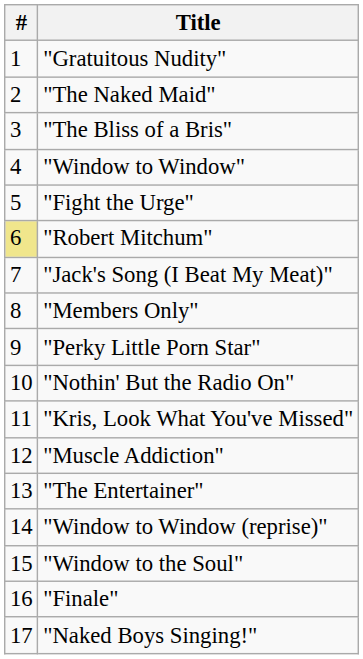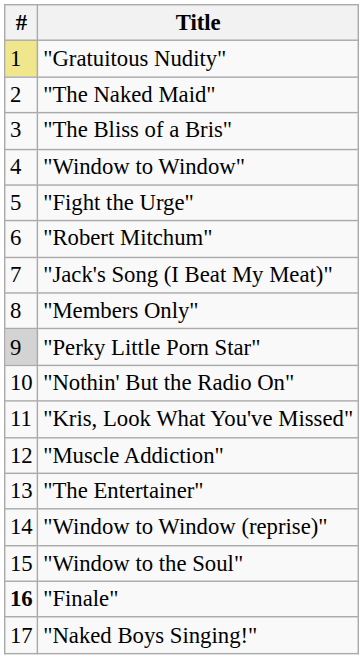 <table class="wikitable" Class="wikitable">
 <tr>
 <th>#</th>
 <th>Title</th>
 </tr>
 <tr>
-<td>1</td>
+<td style="background: khaki;">1</td>
 <td>"Gratuitous Nudity"</td>
 </tr>
 <tr>
 <td>2</td>
 <td>"The Naked Maid"</td>
 </tr>
 <tr>
 <td>3</td>
 <td>"The Bliss of a Bris"</td>
 </tr>
 <tr>
 <td>4</td>
 <td>"Window to Window"</td>
 </tr>
 <tr>
 <td>5</td>
 <td>"Fight the Urge"</td>
 </tr>
 <tr>
-<td style="background: khaki;">6</td>
+<td>6</td>
 <td>"Robert Mitchum"</td>
 </tr>
 <tr>
 <td>7</td>
 <td>"Jack's Song (I Beat My Meat)"</td>
 </tr>
 <tr>
 <td>8</td>
 <td>"Members Only"</td>
 </tr>
 <tr>
-<td>9</td>
+<td style="background: lightgrey;">9</td>
 <td>"Perky Little Porn Star"</td>
 </tr>
 <tr>
 <td>10</td>
 <td>"Nothin' But the Radio On"</td>
 </tr>
 <tr>
 <td>11</td>
 <td>"Kris, Look What You've Missed"</td>
 </tr>
 <tr>
 <td>12</td>
 <td>"Muscle Addiction"</td>
 </tr>
 <tr>
 <td>13</td>
 <td>"The Entertainer"</td>
 </tr>
 <tr>
 <td>14</td>
 <td>"Window to Window (reprise)"</td>
 </tr>
 <tr>
 <td>15</td>
 <td>"Window to the Soul"</td>
 </tr>
 <tr>
-<td>16</td>
+<td><strong>16</strong></td>
 <td>"Finale"</td>
 </tr>
 <tr>
 <td>17</td>
 <td>"Naked Boys Singing!"</td>
 </tr>
 </table>
